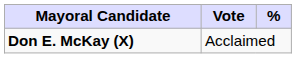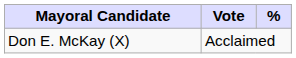 <table class="wikitable">
 <tr>
 <th style="background:#ddf; width:200px;">Mayoral Candidate </th>
 <th style="background:#ddf; width:50px;">Vote</th>
 <th style="background:#ddf; width:30px;">%</th>
 </tr>
 <tr>
-<td><strong>Don E. McKay (X)</strong></td>
+<td>Don E. McKay (X)</td>
 <td colspan="2">Acclaimed</td>
 </tr>
 </table>
